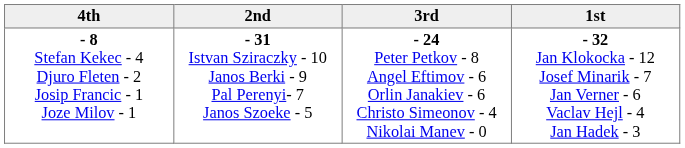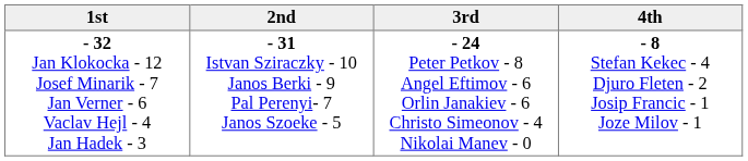 <table border=1 cellpadding=2 cellspacing=0 width=75% style="border-collapse:collapse">
 <tr align=center style="background:#efefef;">
-<th width=20%>4th</th>
+<th width=20% >1st</th>
 <th width=20% >2nd</th>
 <th width=20% >3rd</th>
-<th width=20% >1st</th>
+<th width=20%>4th</th>
 </tr>
 <tr align=center>
-<td valign=top><strong> - 8</strong><br><a href='#'>Stefan Kekec</a> - 4<br><a href='#'>Djuro Fleten</a> - 2<br><a href='#'>Josip Francic</a> - 1<br><a href='#'>Joze Milov</a>  - 1</td>
+<td valign=top ><strong> - 32</strong><br><a href='#'>Jan Klokocka</a> - 12<br><a href='#'>Josef Minarik</a> - 7<br><a href='#'>Jan Verner</a> - 6<br><a href='#'>Vaclav Hejl</a> - 4<br><a href='#'>Jan Hadek</a> - 3</td>
 <td valign=top ><strong> - 31</strong><br><a href='#'>Istvan Sziraczky</a> - 10<br><a href='#'>Janos Berki</a> - 9<br><a href='#'>Pal Perenyi</a>- 7<br><a href='#'>Janos Szoeke</a> - 5</td>
 <td valign=top ><strong> - 24</strong><br><a href='#'>Peter Petkov</a> - 8<br><a href='#'>Angel Eftimov</a> - 6<br><a href='#'>Orlin Janakiev</a> - 6<br><a href='#'>Christo Simeonov</a> - 4<br><a href='#'>Nikolai Manev</a> - 0</td>
-<td valign=top ><strong> - 32</strong><br><a href='#'>Jan Klokocka</a> - 12<br><a href='#'>Josef Minarik</a> - 7<br><a href='#'>Jan Verner</a> - 6<br><a href='#'>Vaclav Hejl</a> - 4<br><a href='#'>Jan Hadek</a> - 3</td>
+<td valign=top><strong> - 8</strong><br><a href='#'>Stefan Kekec</a> - 4<br><a href='#'>Djuro Fleten</a> - 2<br><a href='#'>Josip Francic</a> - 1<br><a href='#'>Joze Milov</a>  - 1</td>
 </tr>
 </table>
